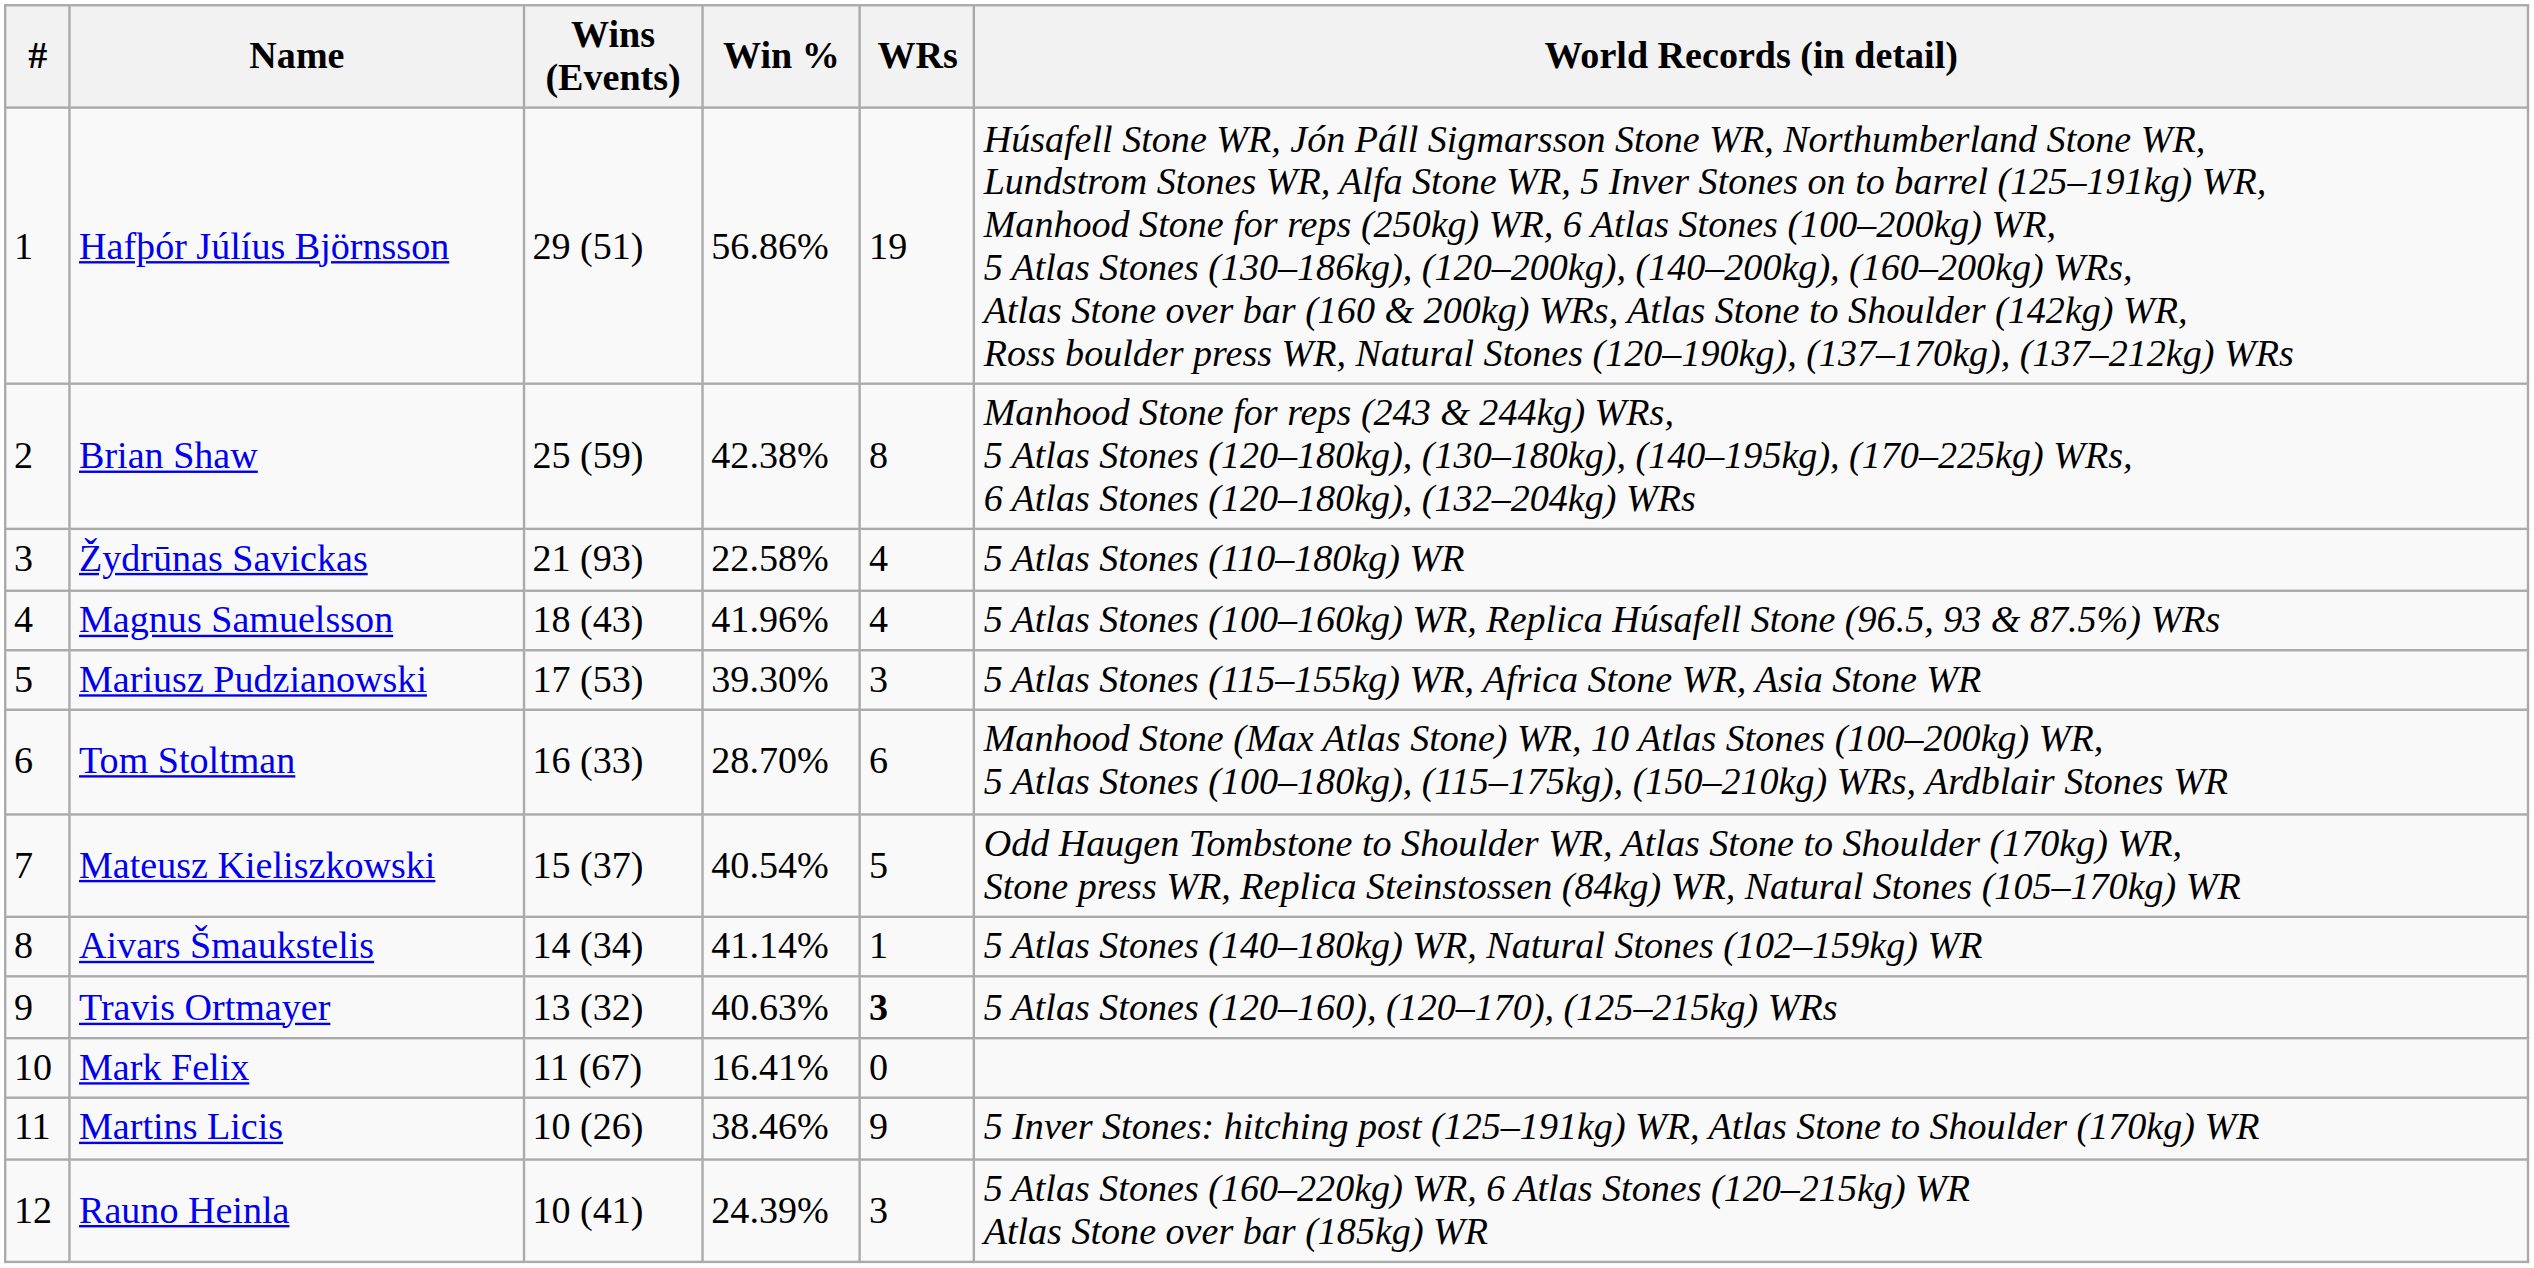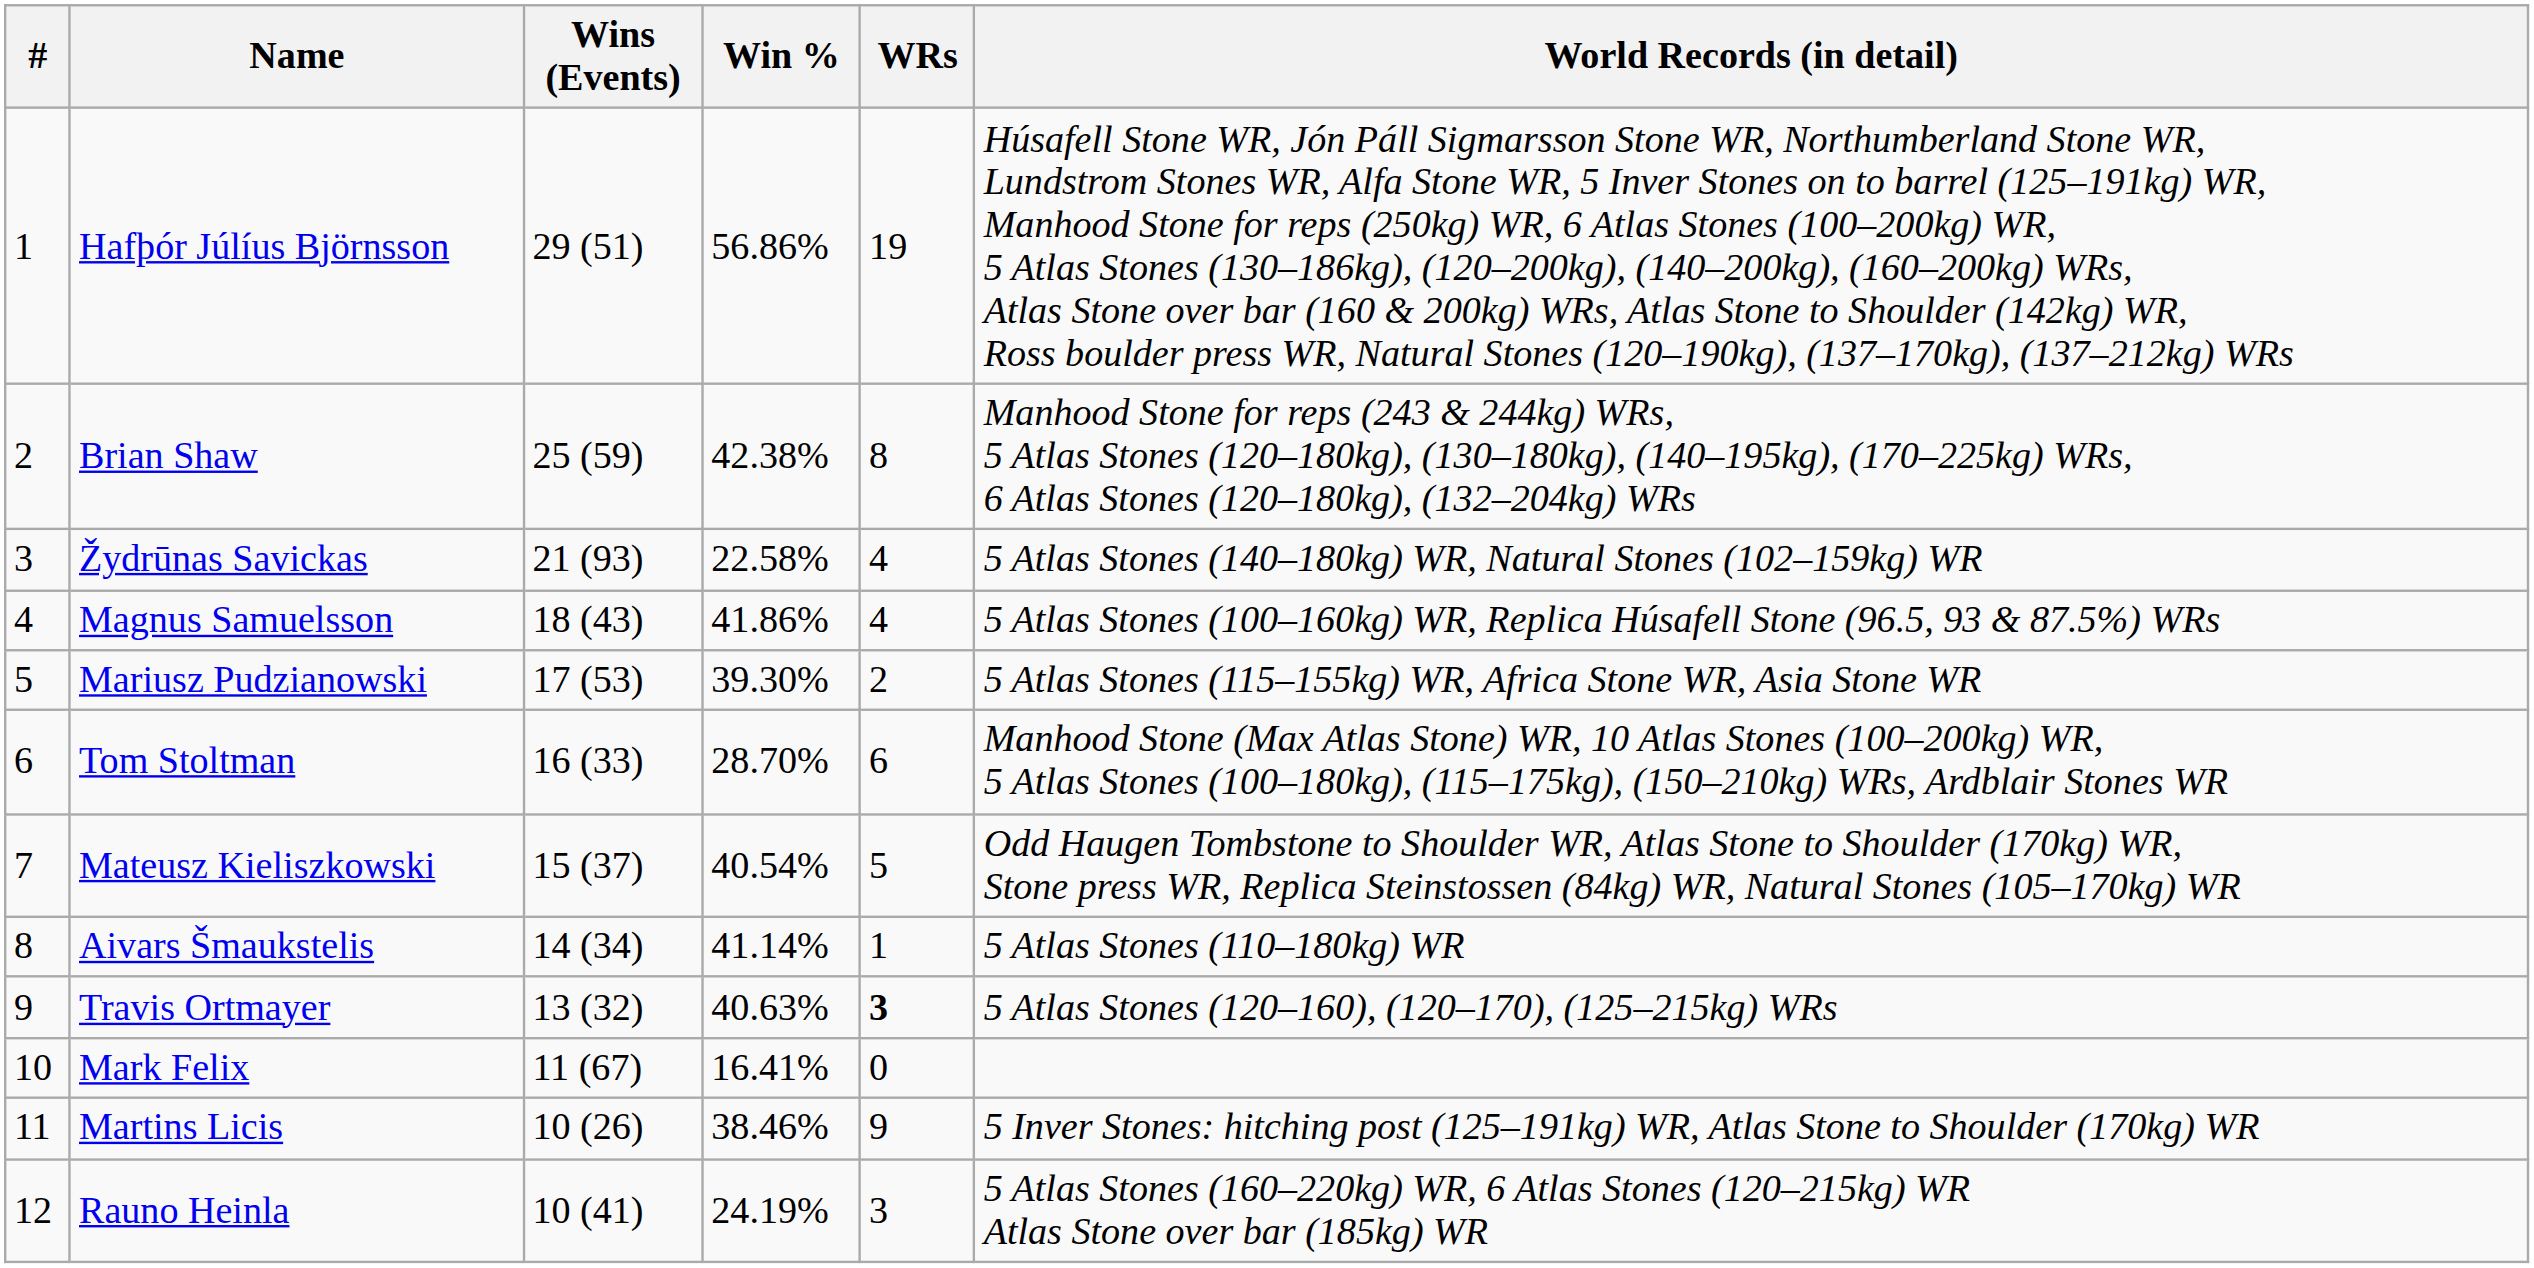 <table class="wikitable sortable" style="display: inline-table;width: 120%;">
 <tr>
 <th>#</th>
 <th>Name</th>
 <th>Wins<br>(Events)</th>
 <th>Win %</th>
 <th>WRs</th>
 <th>World Records (in detail)<br></th>
 </tr>
 <tr>
 <td>1</td>
 <td> <a href='#'>Hafþór Júlíus Björnsson</a></td>
 <td>29 (51)</td>
 <td>56.86%</td>
 <td>19</td>
 <td><em>Húsafell Stone WR, Jón Páll Sigmarsson Stone WR, Northumberland Stone WR,<br>Lundstrom Stones WR, Alfa Stone WR, 5 Inver Stones on to barrel (125–191kg) WR,<br>Manhood Stone for reps (250kg) WR, 6 Atlas Stones (100–200kg) WR,<br>5 Atlas Stones (130–186kg), (120–200kg), (140–200kg), (160–200kg) WRs,<br>Atlas Stone over bar (160 & 200kg) WRs, Atlas Stone to Shoulder (142kg) WR,<br>Ross boulder press WR, Natural Stones (120–190kg), (137–170kg), (137–212kg) WRs</em></td>
 </tr>
 <tr>
 <td>2</td>
 <td> <a href='#'>Brian Shaw</a></td>
 <td>25 (59)</td>
 <td>42.38%</td>
 <td>8</td>
 <td><em>Manhood Stone for reps (243 & 244kg) WRs,<br>5 Atlas Stones (120–180kg), (130–180kg), (140–195kg), (170–225kg) WRs,<br>6 Atlas Stones (120–180kg), (132–204kg) WRs</em></td>
 </tr>
 <tr>
 <td>3</td>
 <td> <a href='#'>Žydrūnas Savickas</a></td>
 <td>21 (93)</td>
 <td>22.58%</td>
 <td>4</td>
-<td><em>5 Atlas Stones (110–180kg) WR</em></td>
+<td><em>5 Atlas Stones (140–180kg) WR, Natural Stones (102–159kg) WR</em></td>
 </tr>
 <tr>
 <td>4</td>
 <td> <a href='#'>Magnus Samuelsson</a></td>
 <td>18 (43)</td>
-<td>41.96%</td>
+<td>41.86%</td>
 <td>4</td>
 <td><em>5 Atlas Stones (100–160kg) WR, Replica Húsafell Stone (96.5, 93 & 87.5%) WRs</em></td>
 </tr>
 <tr>
 <td>5</td>
 <td> <a href='#'>Mariusz Pudzianowski</a></td>
 <td>17 (53)</td>
 <td>39.30%</td>
-<td>3</td>
+<td>2</td>
 <td><em>5 Atlas Stones (115–155kg) WR, Africa Stone WR, Asia Stone WR</em></td>
 </tr>
 <tr>
 <td>6</td>
 <td> <a href='#'>Tom Stoltman</a></td>
 <td>16 (33)</td>
 <td>28.70%</td>
 <td>6</td>
 <td><em>Manhood Stone (Max Atlas Stone) WR, 10 Atlas Stones (100–200kg) WR,<br>5 Atlas Stones (100–180kg), (115–175kg), (150–210kg) WRs, Ardblair Stones WR</em></td>
 </tr>
 <tr>
 <td>7</td>
 <td> <a href='#'>Mateusz Kieliszkowski</a></td>
 <td>15 (37)</td>
 <td>40.54%</td>
 <td>5</td>
 <td><em>Odd Haugen Tombstone to Shoulder WR, Atlas Stone to Shoulder (170kg) WR,<br>Stone press WR, Replica Steinstossen (84kg) WR, Natural Stones (105–170kg) WR</em></td>
 </tr>
 <tr>
 <td>8</td>
 <td> <a href='#'>Aivars Šmaukstelis</a></td>
 <td>14 (34)</td>
 <td>41.14%</td>
 <td>1</td>
-<td><em>5 Atlas Stones (140–180kg) WR, Natural Stones (102–159kg) WR</em></td>
+<td><em>5 Atlas Stones (110–180kg) WR</em></td>
 </tr>
 <tr>
 <td>9</td>
 <td> <a href='#'>Travis Ortmayer</a></td>
 <td>13 (32)</td>
 <td>40.63%</td>
 <td><strong>3</strong></td>
 <td><em>5 Atlas Stones (120–160), (120–170), (125–215kg) WRs</em></td>
 </tr>
 <tr>
 <td>10</td>
 <td> <a href='#'>Mark Felix</a></td>
 <td>11 (67)</td>
 <td>16.41%</td>
 <td>0</td>
 <td></td>
 </tr>
 <tr>
 <td>11</td>
 <td> <a href='#'>Martins Licis</a></td>
 <td>10 (26)</td>
 <td>38.46%</td>
 <td>9</td>
 <td><em>5 Inver Stones: hitching post (125–191kg) WR, Atlas Stone to Shoulder (170kg) WR</em></td>
 </tr>
 <tr>
 <td>12</td>
 <td> <a href='#'>Rauno Heinla</a></td>
 <td>10 (41)</td>
-<td>24.39%</td>
+<td>24.19%</td>
 <td>3</td>
 <td><em>5 Atlas Stones (160–220kg) WR, 6 Atlas Stones (120–215kg) WR<br>Atlas Stone over bar (185kg) WR</em></td>
 </tr>
 </table>
